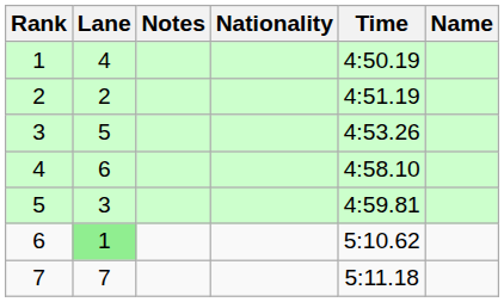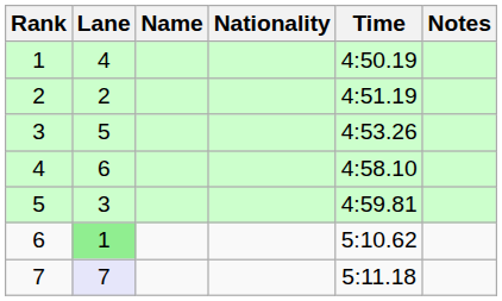 <table class="wikitable sortable" style="text-align:center">
 <tr>
 <th>Rank</th>
 <th>Lane</th>
-<th>Notes</th>
+<th>Name</th>
 <th>Nationality</th>
 <th>Time</th>
-<th>Name</th>
+<th>Notes</th>
 </tr>
 <tr bgcolor=ccffcc>
 <td>1</td>
 <td>4</td>
-<td><strong></strong></td>
+<td align=left></td>
 <td align=left></td>
 <td>4:50.19</td>
-<td align=left></td>
+<td><strong></strong></td>
 </tr>
 <tr bgcolor=ccffcc>
 <td>2</td>
 <td>2</td>
-<td><strong></strong></td>
+<td align=left></td>
 <td align=left></td>
 <td>4:51.19</td>
-<td align=left></td>
+<td><strong></strong></td>
 </tr>
 <tr bgcolor=ccffcc>
 <td>3</td>
 <td>5</td>
-<td><strong></strong></td>
+<td align=left></td>
 <td align=left></td>
 <td>4:53.26</td>
-<td align=left></td>
+<td><strong></strong></td>
 </tr>
 <tr bgcolor=ccffcc>
 <td>4</td>
 <td>6</td>
-<td><strong></strong></td>
+<td align=left></td>
 <td align=left></td>
 <td>4:58.10</td>
-<td align=left></td>
+<td><strong></strong></td>
 </tr>
 <tr bgcolor=ccffcc>
 <td>5</td>
 <td>3</td>
-<td><strong></strong></td>
+<td align=left></td>
 <td align=left></td>
 <td>4:59.81</td>
-<td align=left></td>
+<td><strong></strong></td>
 </tr>
 <tr>
 <td>6</td>
 <td style="background: lightgreen;">1</td>
-<td></td>
+<td align=left></td>
 <td align=left></td>
 <td>5:10.62</td>
-<td align=left></td>
+<td></td>
 </tr>
 <tr>
 <td>7</td>
-<td>7</td>
-<td></td>
+<td style="background: lavender;">7</td>
+<td align=left></td>
 <td align=left></td>
 <td>5:11.18</td>
-<td align=left></td>
+<td></td>
 </tr>
 </table>
